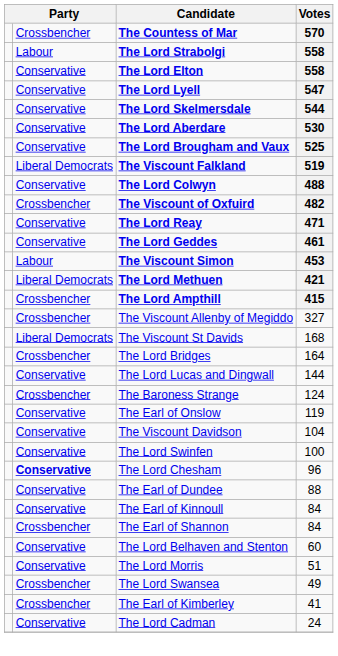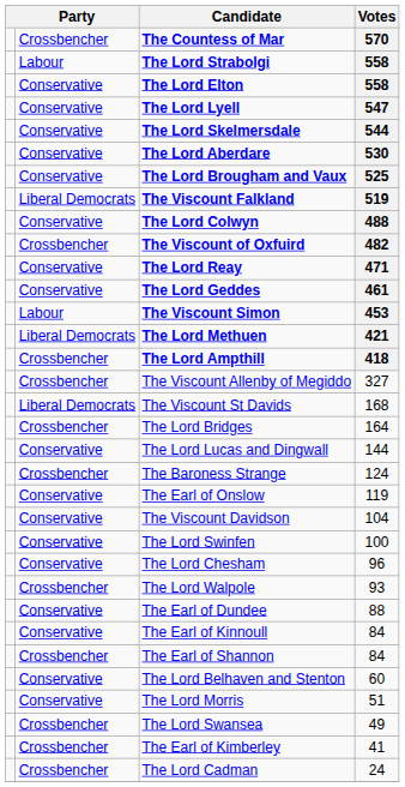 <table class="wikitable">
 <tr>
 <th class="unsortable"> </th>
 <th style="border-left-style: hidden;">Party</th>
 <th>Candidate</th>
 <th>Votes</th>
 </tr>
 <tr>
 <td style="background-color: "></td>
 <td><a href='#'>Crossbencher</a></td>
 <td><strong><a href='#'>The Countess of Mar</a></strong></td>
 <th><strong>570</strong></th>
 </tr>
 <tr>
 <td style="background-color: "></td>
 <td><a href='#'>Labour</a></td>
 <td><strong><a href='#'>The Lord Strabolgi</a></strong></td>
 <th><strong>558</strong></th>
 </tr>
 <tr>
 <td style="background-color: "></td>
 <td><a href='#'>Conservative</a></td>
 <td><strong><a href='#'>The Lord Elton</a></strong></td>
 <th><strong>558</strong></th>
 </tr>
 <tr>
 <td style="background-color: "></td>
 <td><a href='#'>Conservative</a></td>
 <td><strong><a href='#'>The Lord Lyell</a></strong></td>
 <th><strong>547</strong></th>
 </tr>
 <tr>
 <td style="background-color: "></td>
 <td><a href='#'>Conservative</a></td>
 <td><strong><a href='#'>The Lord Skelmersdale</a></strong></td>
 <th><strong>544</strong></th>
 </tr>
 <tr>
 <td style="background-color: "></td>
 <td><a href='#'>Conservative</a></td>
 <td><strong><a href='#'>The Lord Aberdare</a></strong></td>
 <th><strong>530</strong></th>
 </tr>
 <tr>
 <td style="background-color: "></td>
 <td><a href='#'>Conservative</a></td>
 <td><strong><a href='#'>The Lord Brougham and Vaux</a></strong></td>
 <th><strong>525</strong></th>
 </tr>
 <tr>
 <td style="background-color: "></td>
 <td><a href='#'>Liberal Democrats</a></td>
 <td><strong><a href='#'>The Viscount Falkland</a></strong></td>
 <th><strong>519</strong></th>
 </tr>
 <tr>
 <td style="background-color: "></td>
 <td><a href='#'>Conservative</a></td>
 <td><strong><a href='#'>The Lord Colwyn</a></strong></td>
 <th><strong>488</strong></th>
 </tr>
 <tr>
 <td style="background-color: "></td>
 <td><a href='#'>Crossbencher</a></td>
 <td><strong><a href='#'>The Viscount of Oxfuird</a></strong></td>
 <th><strong>482</strong></th>
 </tr>
 <tr>
 <td style="background-color: "></td>
 <td><a href='#'>Conservative</a></td>
 <td><strong><a href='#'>The Lord Reay</a></strong></td>
 <th><strong>471</strong></th>
 </tr>
 <tr>
 <td style="background-color: "></td>
 <td><a href='#'>Conservative</a></td>
 <td><strong><a href='#'>The Lord Geddes</a></strong></td>
 <th><strong>461</strong></th>
 </tr>
 <tr>
 <td style="background-color: "></td>
 <td><a href='#'>Labour</a></td>
 <td><strong><a href='#'>The Viscount Simon</a></strong></td>
 <th><strong>453</strong></th>
 </tr>
 <tr>
 <td style="background-color: "></td>
 <td><a href='#'>Liberal Democrats</a></td>
 <td><strong><a href='#'>The Lord Methuen</a></strong></td>
 <th><strong>421</strong></th>
 </tr>
 <tr>
 <td style="background-color: "></td>
 <td><a href='#'>Crossbencher</a></td>
 <td><strong><a href='#'>The Lord Ampthill</a></strong></td>
-<th><strong>415</strong></th>
+<th><strong>418</strong></th>
 </tr>
 <tr>
 <td style="background-color: "></td>
 <td><a href='#'>Crossbencher</a></td>
 <td><a href='#'>The Viscount Allenby of Megiddo</a></td>
 <td align=center>327</td>
 </tr>
 <tr>
 <td style="background-color: "></td>
 <td><a href='#'>Liberal Democrats</a></td>
 <td><a href='#'>The Viscount St Davids</a></td>
 <td align=center>168</td>
 </tr>
 <tr>
 <td style="background-color: "></td>
 <td><a href='#'>Crossbencher</a></td>
 <td><a href='#'>The Lord Bridges</a></td>
 <td align=center>164</td>
 </tr>
 <tr>
 <td style="background-color: "></td>
 <td><a href='#'>Conservative</a></td>
 <td><a href='#'>The Lord Lucas and Dingwall</a></td>
 <td align=center>144</td>
 </tr>
 <tr>
 <td style="background-color: "></td>
 <td><a href='#'>Crossbencher</a></td>
 <td><a href='#'>The Baroness Strange</a></td>
 <td align=center>124</td>
 </tr>
 <tr>
 <td style="background-color: "></td>
 <td><a href='#'>Conservative</a></td>
 <td><a href='#'>The Earl of Onslow</a></td>
 <td align=center>119</td>
 </tr>
 <tr>
 <td style="background-color: "></td>
 <td><a href='#'>Conservative</a></td>
 <td><a href='#'>The Viscount Davidson</a></td>
 <td align=center>104</td>
 </tr>
 <tr>
 <td style="background-color: "></td>
 <td><a href='#'>Conservative</a></td>
 <td><a href='#'>The Lord Swinfen</a></td>
 <td align=center>100</td>
 </tr>
 <tr>
 <td style="background-color: "></td>
-<td><strong><a href='#'>Conservative</a></strong></td>
+<td><a href='#'>Conservative</a></td>
 <td><a href='#'>The Lord Chesham</a></td>
 <td align=center>96</td>
+</tr>
+<tr>
+<td style="background-color: "></td>
+<td><a href='#'>Crossbencher</a></td>
+<td><a href='#'>The Lord Walpole</a></td>
+<td align=center>93</td>
 </tr>
 <tr>
 <td style="background-color: "></td>
 <td><a href='#'>Conservative</a></td>
 <td><a href='#'>The Earl of Dundee</a></td>
 <td align=center>88</td>
 </tr>
 <tr>
 <td style="background-color: "></td>
 <td><a href='#'>Conservative</a></td>
 <td><a href='#'>The Earl of Kinnoull</a></td>
 <td align=center>84</td>
 </tr>
 <tr>
 <td style="background-color: "></td>
 <td><a href='#'>Crossbencher</a></td>
 <td><a href='#'>The Earl of Shannon</a></td>
 <td align=center>84</td>
 </tr>
 <tr>
 <td style="background-color: "></td>
 <td><a href='#'>Conservative</a></td>
 <td><a href='#'>The Lord Belhaven and Stenton</a></td>
 <td align=center>60</td>
 </tr>
 <tr>
 <td style="background-color: "></td>
 <td><a href='#'>Conservative</a></td>
 <td><a href='#'>The Lord Morris</a></td>
 <td align=center>51</td>
 </tr>
 <tr>
 <td style="background-color: "></td>
 <td><a href='#'>Crossbencher</a></td>
 <td><a href='#'>The Lord Swansea</a></td>
 <td align=center>49</td>
 </tr>
 <tr>
 <td style="background-color: "></td>
 <td><a href='#'>Crossbencher</a></td>
 <td><a href='#'>The Earl of Kimberley</a></td>
 <td align=center>41</td>
 </tr>
 <tr>
 <td style="background-color: "></td>
-<td><a href='#'>Conservative</a></td>
+<td><a href='#'>Crossbencher</a></td>
 <td><a href='#'>The Lord Cadman</a></td>
 <td align=center>24</td>
 </tr>
 <tr>
 </tr>
 </table>
